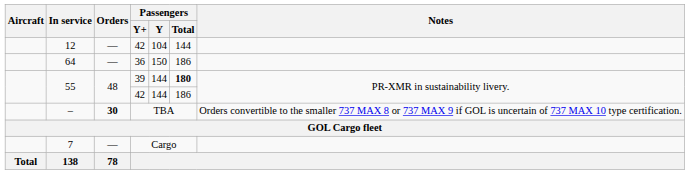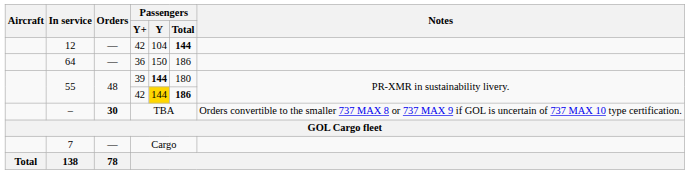 <table class="wikitable" style="margin:0.5em auto; text-align:center">
 <tr>
 <th rowspan="2">Aircraft</th>
 <th rowspan="2">In service</th>
 <th rowspan="2">Orders</th>
 <th colspan="3">Passengers</th>
 <th rowspan="2">Notes</th>
 </tr>
 <tr>
 <th><abbr>Y+</abbr></th>
 <th><abbr>Y</abbr></th>
 <th>Total</th>
 </tr>
 <tr>
 <td></td>
 <td>12</td>
 <td>—</td>
 <td>42</td>
 <td>104</td>
-<td>144</td>
+<td><strong>144</strong></td>
 <td></td>
 </tr>
 <tr>
 <td></td>
 <td>64</td>
 <td>—</td>
 <td>36</td>
 <td>150</td>
 <td>186</td>
 <td></td>
 </tr>
 <tr>
 <td rowspan="2"></td>
 <td rowspan="2">55</td>
 <td rowspan="2">48</td>
 <td>39</td>
-<td>144</td>
-<td><strong>180</strong></td>
+<td><strong>144</strong></td>
+<td>180</td>
 <td rowspan="2">PR-XMR in sustainability livery.</td>
 </tr>
 <tr>
 <td>42</td>
-<td>144</td>
-<td>186</td>
+<td style="background: gold;">144</td>
+<td><strong>186</strong></td>
 </tr>
 <tr>
 <td></td>
 <td>–</td>
 <td><strong>30</strong></td>
 <td colspan="3"><abbr>TBA</abbr></td>
 <td>Orders convertible to the smaller <a href='#'>737 MAX 8</a> or <a href='#'>737 MAX 9</a> if GOL is uncertain of <a href='#'>737 MAX 10</a> type certification.</td>
 </tr>
 <tr>
 <th colspan="7">GOL Cargo fleet</th>
 </tr>
 <tr>
 <td></td>
 <td>7</td>
 <td>—</td>
 <td colspan="3"><abbr>Cargo</abbr></td>
 <td></td>
 </tr>
 <tr>
 <th>Total</th>
 <th>138</th>
 <th>78</th>
 <th colspan="4"></th>
 </tr>
 </table>
